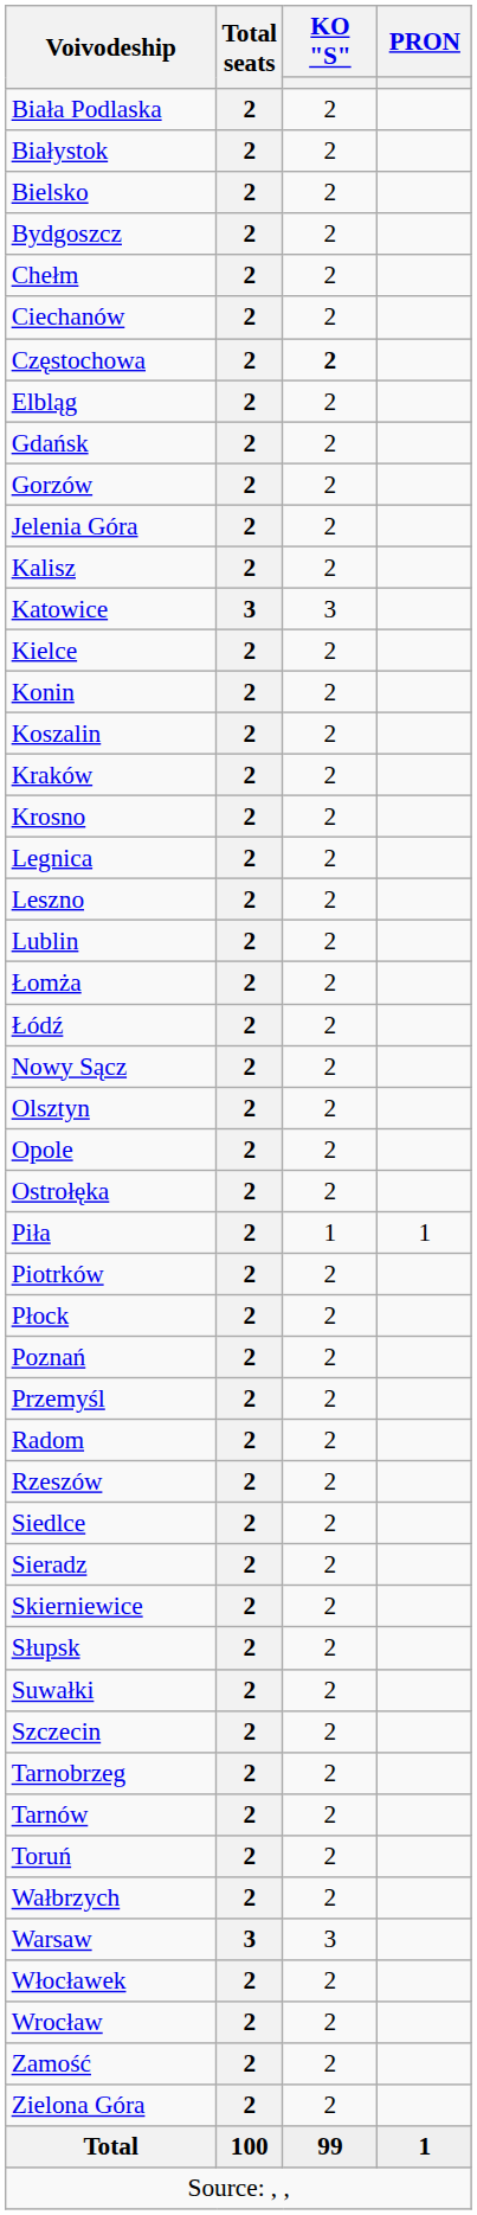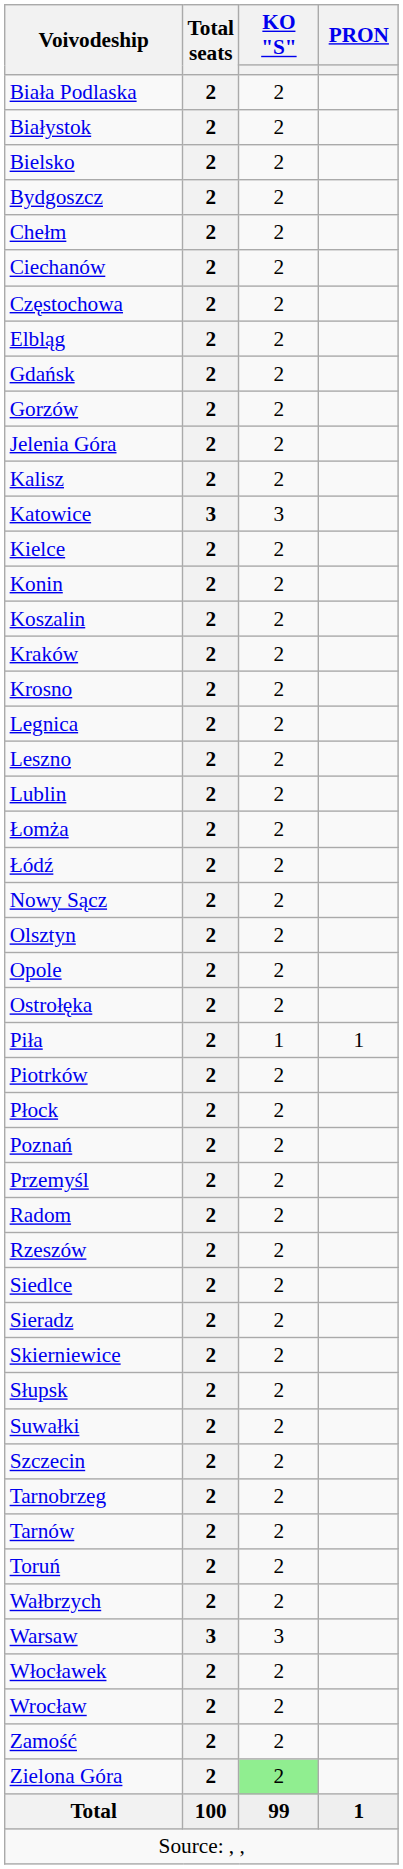 <table class="wikitable" style="text-align:center; font-size:95%">
 <tr style="height:42px; text-align:center; background-color:#E9E9E9;">
 <th rowspan="2" style="width:120px;">Voivodeship</th>
 <th rowspan="2" style="width:25px;">Total seats</th>
 <th style="width:50px;"><a href='#'>KO "S"</a></th>
 <th style="width:50px;"><a href='#'>PRON</a></th>
 </tr>
 <tr>
 <th style="background:"></th>
 <th style="background:"></th>
 </tr>
 <tr>
 <td align="left"><a href='#'>Biała Podlaska</a></td>
 <th>2</th>
 <td>2</td>
 <td></td>
 </tr>
 <tr>
 <td align="left"><a href='#'>Białystok</a></td>
 <th>2</th>
 <td>2</td>
 <td></td>
 </tr>
 <tr>
 <td align="left"><a href='#'>Bielsko</a></td>
 <th>2</th>
 <td>2</td>
 <td></td>
 </tr>
 <tr>
 <td align="left"><a href='#'>Bydgoszcz</a></td>
 <th>2</th>
 <td>2</td>
 <td></td>
 </tr>
 <tr>
 <td align="left"><a href='#'>Chełm</a></td>
 <th>2</th>
 <td>2</td>
 <td></td>
 </tr>
 <tr>
 <td align="left"><a href='#'>Ciechanów</a></td>
 <th>2</th>
 <td>2</td>
 <td></td>
 </tr>
 <tr>
 <td align="left"><a href='#'>Częstochowa</a></td>
 <th>2</th>
-<td><strong>2</strong></td>
+<td>2</td>
 <td></td>
 </tr>
 <tr>
 <td align="left"><a href='#'>Elbląg</a></td>
 <th>2</th>
 <td>2</td>
 <td></td>
 </tr>
 <tr>
 <td align="left"><a href='#'>Gdańsk</a></td>
 <th>2</th>
 <td>2</td>
 <td></td>
 </tr>
 <tr>
 <td align="left"><a href='#'>Gorzów</a></td>
 <th>2</th>
 <td>2</td>
 <td></td>
 </tr>
 <tr>
 <td align="left"><a href='#'>Jelenia Góra</a></td>
 <th>2</th>
 <td>2</td>
 <td></td>
 </tr>
 <tr>
 <td align="left"><a href='#'>Kalisz</a></td>
 <th>2</th>
 <td>2</td>
 <td></td>
 </tr>
 <tr>
 <td align="left"><a href='#'>Katowice</a></td>
 <th>3</th>
 <td>3</td>
 <td></td>
 </tr>
 <tr>
 <td align="left"><a href='#'>Kielce</a></td>
 <th>2</th>
 <td>2</td>
 <td></td>
 </tr>
 <tr>
 <td align="left"><a href='#'>Konin</a></td>
 <th>2</th>
 <td>2</td>
 <td></td>
 </tr>
 <tr>
 <td align="left"><a href='#'>Koszalin</a></td>
 <th>2</th>
 <td>2</td>
 <td></td>
 </tr>
 <tr>
 <td align="left"><a href='#'>Kraków</a></td>
 <th>2</th>
 <td>2</td>
 <td></td>
 </tr>
 <tr>
 <td align="left"><a href='#'>Krosno</a></td>
 <th>2</th>
 <td>2</td>
 <td></td>
 </tr>
 <tr>
 <td align="left"><a href='#'>Legnica</a></td>
 <th>2</th>
 <td>2</td>
 <td></td>
 </tr>
 <tr>
 <td align="left"><a href='#'>Leszno</a></td>
 <th>2</th>
 <td>2</td>
 <td></td>
 </tr>
 <tr>
 <td align="left"><a href='#'>Lublin</a></td>
 <th>2</th>
 <td>2</td>
 <td></td>
 </tr>
 <tr>
 <td align="left"><a href='#'>Łomża</a></td>
 <th>2</th>
 <td>2</td>
 <td></td>
 </tr>
 <tr>
 <td align="left"><a href='#'>Łódź</a></td>
 <th>2</th>
 <td>2</td>
 <td></td>
 </tr>
 <tr>
 <td align="left"><a href='#'>Nowy Sącz</a></td>
 <th>2</th>
 <td>2</td>
 <td></td>
 </tr>
 <tr>
 <td align="left"><a href='#'>Olsztyn</a></td>
 <th>2</th>
 <td>2</td>
 <td></td>
 </tr>
 <tr>
 <td align="left"><a href='#'>Opole</a></td>
 <th>2</th>
 <td>2</td>
 <td></td>
 </tr>
 <tr>
 <td align="left"><a href='#'>Ostrołęka</a></td>
 <th>2</th>
 <td>2</td>
 <td></td>
 </tr>
 <tr>
 <td align="left"><a href='#'>Piła</a></td>
 <th>2</th>
 <td>1</td>
 <td>1</td>
 </tr>
 <tr>
 <td align="left"><a href='#'>Piotrków</a></td>
 <th>2</th>
 <td>2</td>
 <td></td>
 </tr>
 <tr>
 <td align="left"><a href='#'>Płock</a></td>
 <th>2</th>
 <td>2</td>
 <td></td>
 </tr>
 <tr>
 <td align="left"><a href='#'>Poznań</a></td>
 <th>2</th>
 <td>2</td>
 <td></td>
 </tr>
 <tr>
 <td align="left"><a href='#'>Przemyśl</a></td>
 <th>2</th>
 <td>2</td>
 <td></td>
 </tr>
 <tr>
 <td align="left"><a href='#'>Radom</a></td>
 <th>2</th>
 <td>2</td>
 <td></td>
 </tr>
 <tr>
 <td align="left"><a href='#'>Rzeszów</a></td>
 <th>2</th>
 <td>2</td>
 <td></td>
 </tr>
 <tr>
 <td align="left"><a href='#'>Siedlce</a></td>
 <th>2</th>
 <td>2</td>
 <td></td>
 </tr>
 <tr>
 <td align="left"><a href='#'>Sieradz</a></td>
 <th>2</th>
 <td>2</td>
 <td></td>
 </tr>
 <tr>
 <td align="left"><a href='#'>Skierniewice</a></td>
 <th>2</th>
 <td>2</td>
 <td></td>
 </tr>
 <tr>
 <td align="left"><a href='#'>Słupsk</a></td>
 <th>2</th>
 <td>2</td>
 <td></td>
 </tr>
 <tr>
 <td align="left"><a href='#'>Suwałki</a></td>
 <th>2</th>
 <td>2</td>
 <td></td>
 </tr>
 <tr>
 <td align="left"><a href='#'>Szczecin</a></td>
 <th>2</th>
 <td>2</td>
 <td></td>
 </tr>
 <tr>
 <td align="left"><a href='#'>Tarnobrzeg</a></td>
 <th>2</th>
 <td>2</td>
 <td></td>
 </tr>
 <tr>
 <td align="left"><a href='#'>Tarnów</a></td>
 <th>2</th>
 <td>2</td>
 <td></td>
 </tr>
 <tr>
 <td align="left"><a href='#'>Toruń</a></td>
 <th>2</th>
 <td>2</td>
 <td></td>
 </tr>
 <tr>
 <td align="left"><a href='#'>Wałbrzych</a></td>
 <th>2</th>
 <td>2</td>
 <td></td>
 </tr>
 <tr>
 <td align="left"><a href='#'>Warsaw</a></td>
 <th>3</th>
 <td>3</td>
 <td></td>
 </tr>
 <tr>
 <td align="left"><a href='#'>Włocławek</a></td>
 <th>2</th>
 <td>2</td>
 <td></td>
 </tr>
 <tr>
 <td align="left"><a href='#'>Wrocław</a></td>
 <th>2</th>
 <td>2</td>
 <td></td>
 </tr>
 <tr>
 <td align="left"><a href='#'>Zamość</a></td>
 <th>2</th>
 <td>2</td>
 <td></td>
 </tr>
 <tr>
 <td align="left"><a href='#'>Zielona Góra</a></td>
 <th>2</th>
-<td>2</td>
+<td style="background: lightgreen;">2</td>
 <td></td>
 </tr>
 <tr style="background:#EFEFEF; font-weight:bold;">
 <th align=center>Total</th>
 <td>100</td>
 <td>99</td>
 <td>1</td>
 </tr>
 <tr>
 <td colspan="4" align=center>Source: , , </td>
 </tr>
 </table>
